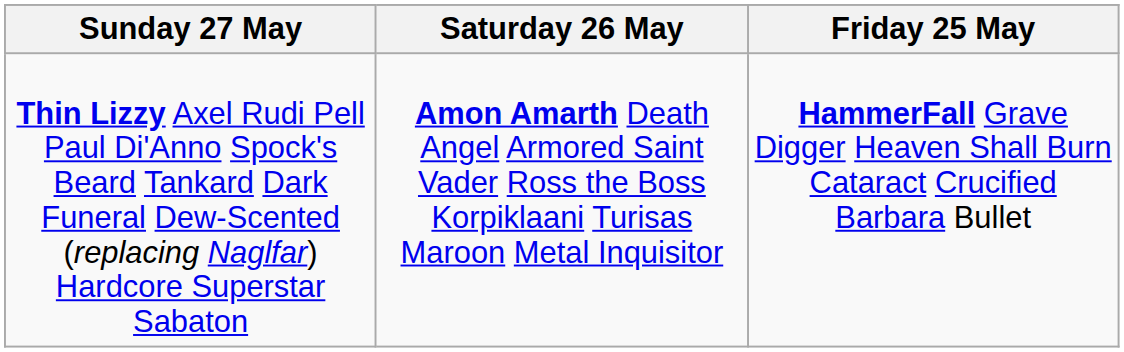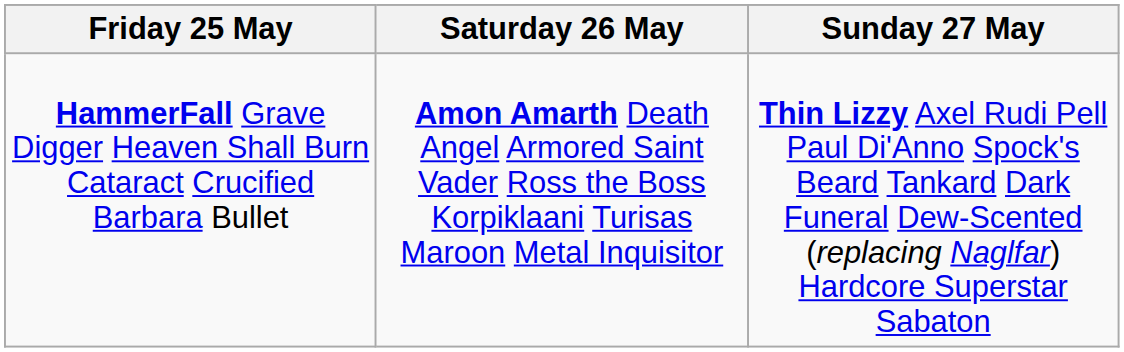 <table class="wikitable">
 <tr>
+<th>Friday 25 May</th>
+<th>Saturday 26 May</th>
 <th>Sunday 27 May</th>
-<th>Saturday 26 May</th>
-<th>Friday 25 May</th>
 </tr>
 <tr>
+<td valign="top" align="center" width=185><br><strong><a href='#'>HammerFall</a></strong> <a href='#'>Grave Digger</a> <a href='#'>Heaven Shall Burn</a> <a href='#'>Cataract</a> <a href='#'>Crucified Barbara</a> Bullet</td>
+<td valign="top" align="center" width=185><br><strong><a href='#'>Amon Amarth</a></strong> <a href='#'>Death Angel</a> <a href='#'>Armored Saint</a> <a href='#'>Vader</a> <a href='#'>Ross the Boss</a> <a href='#'>Korpiklaani</a> <a href='#'>Turisas</a> <a href='#'>Maroon</a> <a href='#'>Metal Inquisitor</a></td>
 <td valign="top" align="center" width=185><br><strong><a href='#'>Thin Lizzy</a></strong> <a href='#'>Axel Rudi Pell</a> <a href='#'>Paul Di'Anno</a> <a href='#'>Spock's Beard</a> <a href='#'>Tankard</a> <a href='#'>Dark Funeral</a> <a href='#'>Dew-Scented</a> (<em>replacing <a href='#'>Naglfar</a></em>) <a href='#'>Hardcore Superstar</a> <a href='#'>Sabaton</a></td>
-<td valign="top" align="center" width=185><br><strong><a href='#'>Amon Amarth</a></strong> <a href='#'>Death Angel</a> <a href='#'>Armored Saint</a> <a href='#'>Vader</a> <a href='#'>Ross the Boss</a> <a href='#'>Korpiklaani</a> <a href='#'>Turisas</a> <a href='#'>Maroon</a> <a href='#'>Metal Inquisitor</a></td>
-<td valign="top" align="center" width=185><br><strong><a href='#'>HammerFall</a></strong> <a href='#'>Grave Digger</a> <a href='#'>Heaven Shall Burn</a> <a href='#'>Cataract</a> <a href='#'>Crucified Barbara</a> Bullet</td>
 </tr>
 </table>
